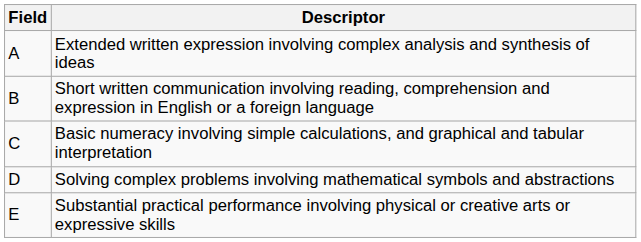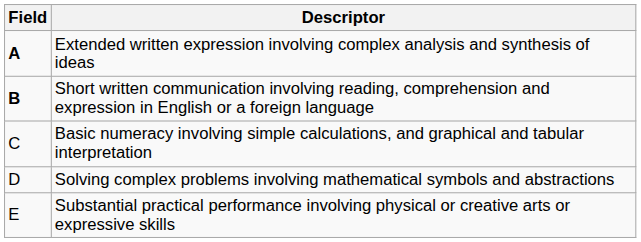 <table class="wikitable">
 <tr>
 <th>Field</th>
 <th>Descriptor</th>
 </tr>
 <tr>
-<td>A</td>
+<td><strong>A</strong></td>
 <td>Extended written expression involving complex analysis and synthesis of ideas</td>
 </tr>
 <tr>
-<td>B</td>
+<td><strong>B</strong></td>
 <td>Short written communication involving reading, comprehension and expression in English or a foreign language</td>
 </tr>
 <tr>
 <td>C</td>
 <td>Basic numeracy involving simple calculations, and graphical and tabular interpretation</td>
 </tr>
 <tr>
 <td>D</td>
 <td>Solving complex problems involving mathematical symbols and abstractions</td>
 </tr>
 <tr>
 <td>E</td>
 <td>Substantial practical performance involving physical or creative arts or expressive skills</td>
 </tr>
 </table>
